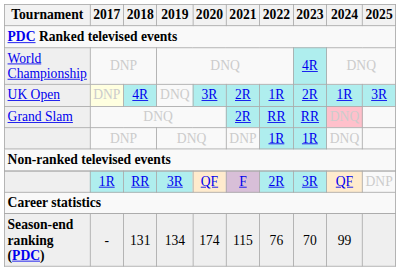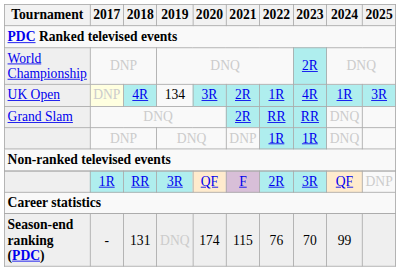 <table class="wikitable" style="width:20%; margin:0">
 <tr>
 <th>Tournament</th>
 <th>2017</th>
 <th>2018</th>
 <th>2019</th>
 <th>2020</th>
 <th>2021</th>
 <th>2022</th>
 <th>2023</th>
 <th>2024</th>
 <th>2025</th>
 </tr>
 <tr>
 <td colspan="31" align="left"><strong><a href='#'>PDC</a> Ranked televised events</strong></td>
 </tr>
 <tr>
 <td style="background:#efefef;"><a href='#'>World Championship</a></td>
 <td colspan="2" style="text-align:center; color:#ccc;">DNP</td>
 <td colspan="4" style="text-align:center; color:#ccc;">DNQ</td>
-<td style="text-align:center; background:#afeeee;"><a href='#'>4R</a></td>
+<td style="text-align:center; background:#afeeee;"><a href='#'>2R</a></td>
 <td colspan="2" style="text-align:center; color:#ccc;">DNQ</td>
 </tr>
 <tr>
 <td style="background:#efefef;"><a href='#'>UK Open</a></td>
 <td style="background: lightyellow; text-align:center; color:#ccc;">DNP</td>
 <td style="text-align:center; background:#afeeee;"><a href='#'>4R</a></td>
-<td style="text-align:center; color:#ccc;">DNQ</td>
+<td style="text-align:center;">134</td>
 <td style="text-align:center; background:#afeeee;"><a href='#'>3R</a></td>
 <td style="text-align:center; background:#afeeee;"><a href='#'>2R</a></td>
 <td style="text-align:center; background:#afeeee;"><a href='#'>1R</a></td>
-<td style="text-align:center; background:#afeeee;"><a href='#'>2R</a></td>
+<td style="text-align:center; background:#afeeee;"><a href='#'>4R</a></td>
 <td style="text-align:center; background:#afeeee;"><a href='#'>1R</a></td>
 <td style="text-align:center; background:#afeeee;"><a href='#'>3R</a></td>
 </tr>
 <tr>
 <td style="background:#efefef;"><a href='#'>Grand Slam</a></td>
 <td colspan="4" style="text-align:center; color:#ccc;">DNQ</td>
 <td style="text-align:center; background:#afeeee;"><a href='#'>2R</a></td>
 <td style="text-align:center; background:#afeeee;"><a href='#'>RR</a></td>
 <td style="text-align:center; background:#afeeee;"><a href='#'>RR</a></td>
-<td style="background: pink; text-align:center; color:#ccc;">DNQ</td>
+<td style="text-align:center; color:#ccc;">DNQ</td>
 <td></td>
 </tr>
 <tr>
 <td style="background:#efefef;"></td>
 <td colspan="2" style="text-align:center; color:#ccc;">DNP</td>
 <td colspan="2" style="text-align:center; color:#ccc;">DNQ</td>
 <td style="text-align:center; color:#ccc;">DNP</td>
 <td style="text-align:center; background:#afeeee;"><a href='#'>1R</a></td>
 <td style="text-align:center; background:#afeeee;"><a href='#'>1R</a></td>
 <td style="text-align:center; color:#ccc;">DNQ</td>
 <td></td>
 </tr>
 <tr>
 <td colspan="15" align="left"><strong>Non-ranked televised events</strong></td>
 </tr>
 <tr>
 </tr>
 <tr>
 <td style="background:#efefef;"></td>
 <td style="text-align:center; background:#afeeee;"><a href='#'>1R</a></td>
 <td style="text-align:center; background:#afeeee;"><a href='#'>RR</a></td>
 <td style="text-align:center; background:#afeeee;"><a href='#'>3R</a></td>
 <td style="text-align:center; background:#ffebcd;"><a href='#'>QF</a></td>
 <td style="text-align:center; background:thistle;"><a href='#'>F</a></td>
 <td style="text-align:center; background:#afeeee;"><a href='#'>2R</a></td>
 <td style="text-align:center; background:#afeeee;"><a href='#'>3R</a></td>
 <td style="text-align:center; background:#ffebcd;"><a href='#'>QF</a></td>
 <td style="text-align:center; color:#ccc;">DNP</td>
 </tr>
 <tr>
 <td colspan="14" align="left"><strong>Career statistics</strong></td>
 </tr>
 <tr>
 </tr>
 <tr bgcolor="efefef">
 <td align="left"><strong>Season-end ranking (<a href='#'>PDC</a>)</strong></td>
 <td style="text-align:center;">-</td>
 <td style="text-align:center;">131</td>
-<td style="text-align:center;">134</td>
+<td style="text-align:center; color:#ccc;">DNQ</td>
 <td style="text-align:center;">174</td>
 <td style="text-align:center;">115</td>
 <td style="text-align:center;">76</td>
 <td style="text-align:center;">70</td>
 <td style="text-align:center;">99</td>
 <td></td>
 </tr>
 </table>
